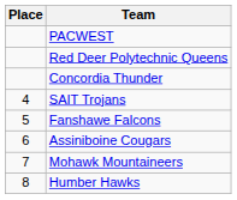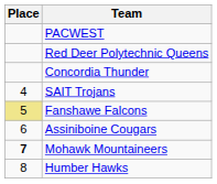 <table class="wikitable">
 <tr>
 <th>Place</th>
 <th>Team</th>
 </tr>
 <tr>
 <td align=center></td>
 <td> <a href='#'>PACWEST</a></td>
 </tr>
 <tr>
 <td align=center></td>
 <td> <a href='#'>Red Deer Polytechnic Queens</a></td>
 </tr>
 <tr>
 <td align=center></td>
 <td> <a href='#'>Concordia Thunder</a></td>
 </tr>
 <tr>
 <td align=center>4</td>
 <td> <a href='#'>SAIT Trojans</a></td>
 </tr>
 <tr>
-<td align=center>5</td>
+<td align=center style="background: khaki;">5</td>
 <td> <a href='#'>Fanshawe Falcons</a></td>
 </tr>
 <tr>
 <td align=center>6</td>
 <td> <a href='#'>Assiniboine Cougars</a></td>
 </tr>
 <tr>
-<td align=center>7</td>
+<td align=center><strong>7</strong></td>
 <td> <a href='#'>Mohawk Mountaineers</a></td>
 </tr>
 <tr>
 <td align=center>8</td>
 <td> <a href='#'>Humber Hawks</a></td>
 </tr>
 </table>
